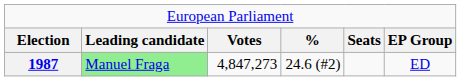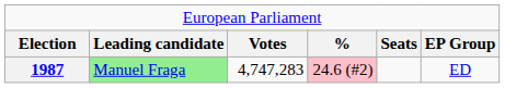 <table class="wikitable" style="text-align:right;">
 <tr>
 <td colspan="6" align="center"><a href='#'>European Parliament</a></td>
 </tr>
 <tr>
 <th style="width:75px;">Election</th>
 <th>Leading candidate</th>
 <th style="width:70px;">Votes</th>
 <th style="width:60px;">%</th>
 <th>Seats</th>
 <th>EP Group</th>
 </tr>
 <tr>
 <th><a href='#'>1987</a></th>
 <td style="background: lightgreen; text-align:left;"><a href='#'>Manuel Fraga</a></td>
-<td>4,847,273</td>
-<td>24.6 (#2)</td>
+<td>4,747,283</td>
+<td style="background: pink;">24.6 (#2)</td>
 <td></td>
 <td style="text-align:center;"><a href='#'>ED</a></td>
 </tr>
 </table>
